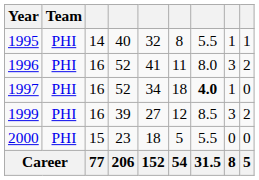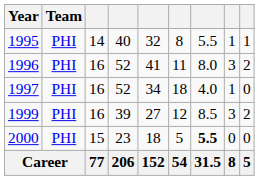 <table class="wikitable sortable" style="text-align:center">
 <tr>
 <th>Year</th>
 <th>Team</th>
 <th></th>
 <th></th>
 <th></th>
 <th></th>
 <th></th>
 <th></th>
 <th></th>
 </tr>
 <tr>
 <td><a href='#'>1995</a></td>
 <td><a href='#'>PHI</a></td>
 <td>14</td>
 <td>40</td>
 <td>32</td>
 <td>8</td>
 <td>5.5</td>
 <td>1</td>
 <td>1</td>
 </tr>
 <tr>
 <td><a href='#'>1996</a></td>
 <td><a href='#'>PHI</a></td>
 <td>16</td>
 <td>52</td>
 <td>41</td>
 <td>11</td>
 <td>8.0</td>
 <td>3</td>
 <td>2</td>
 </tr>
 <tr>
 <td><a href='#'>1997</a></td>
 <td><a href='#'>PHI</a></td>
 <td>16</td>
 <td>52</td>
 <td>34</td>
 <td>18</td>
-<td><strong>4.0</strong></td>
+<td>4.0</td>
 <td>1</td>
 <td>0</td>
 </tr>
 <tr>
 <td><a href='#'>1999</a></td>
 <td><a href='#'>PHI</a></td>
 <td>16</td>
 <td>39</td>
 <td>27</td>
 <td>12</td>
 <td>8.5</td>
 <td>3</td>
 <td>2</td>
 </tr>
 <tr>
 <td><a href='#'>2000</a></td>
 <td><a href='#'>PHI</a></td>
 <td>15</td>
 <td>23</td>
 <td>18</td>
 <td>5</td>
-<td>5.5</td>
+<td><strong>5.5</strong></td>
 <td>0</td>
 <td>0</td>
 </tr>
 <tr class="sortbottom" style="background:#eee;">
 <th colspan=2>Career</th>
 <th>77</th>
 <th>206</th>
 <th>152</th>
 <th>54</th>
 <th>31.5</th>
 <th>8</th>
 <th>5</th>
 </tr>
 </table>
